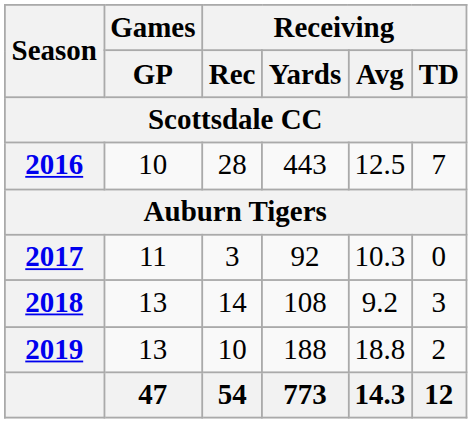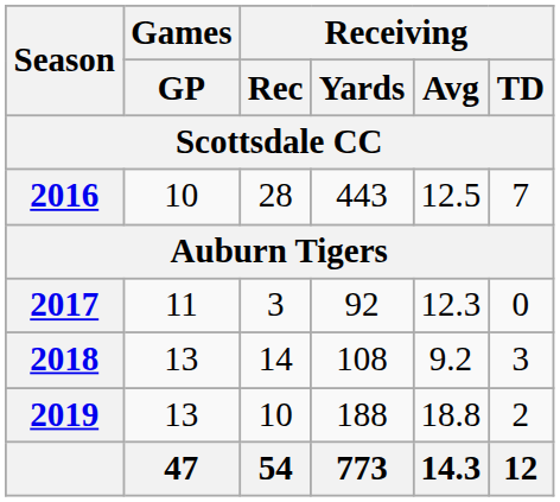 <table class="wikitable" style="text-align:center;">
 <tr>
 <th rowspan="2">Season</th>
 <th>Games</th>
 <th colspan="4">Receiving</th>
 </tr>
 <tr>
 <th>GP</th>
 <th>Rec</th>
 <th>Yards</th>
 <th>Avg</th>
 <th>TD</th>
 </tr>
 <tr>
 <th colspan="6">Scottsdale CC</th>
 </tr>
 <tr>
 <th><a href='#'>2016</a></th>
 <td>10</td>
 <td>28</td>
 <td>443</td>
 <td>12.5</td>
 <td>7</td>
 </tr>
 <tr>
 <th colspan="6">Auburn Tigers</th>
 </tr>
 <tr>
 <th><a href='#'>2017</a></th>
 <td>11</td>
 <td>3</td>
 <td>92</td>
-<td>10.3</td>
+<td>12.3</td>
 <td>0</td>
 </tr>
 <tr>
 <th><a href='#'>2018</a></th>
 <td>13</td>
 <td>14</td>
 <td>108</td>
 <td>9.2</td>
 <td>3</td>
 </tr>
 <tr>
 <th><a href='#'>2019</a></th>
 <td>13</td>
 <td>10</td>
 <td>188</td>
 <td>18.8</td>
 <td>2</td>
 </tr>
 <tr>
 <th colspan="1"></th>
 <th>47</th>
 <th>54</th>
 <th>773</th>
 <th>14.3</th>
 <th>12</th>
 </tr>
 </table>
